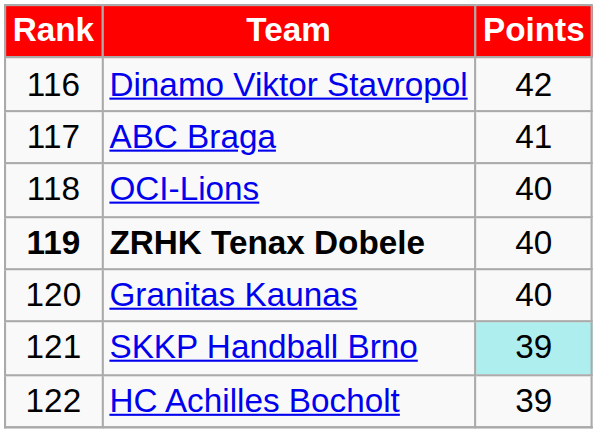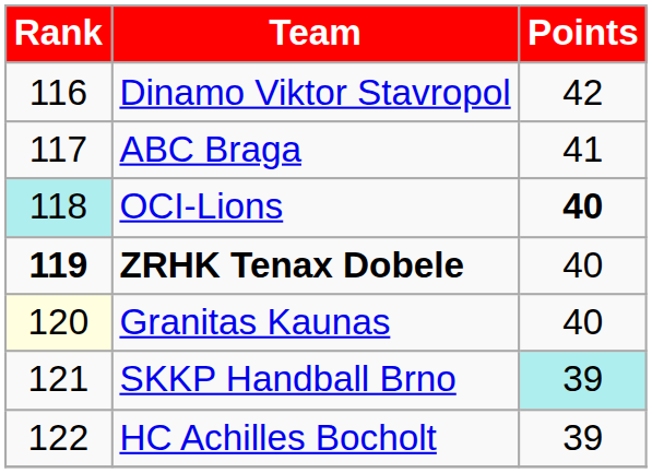 <table class="wikitable" style="text-align: center">
 <tr>
 <th style="color:#FFFFFF; background:#FF0000">Rank</th>
 <th style="color:#FFFFFF; background:#FF0000">Team</th>
 <th style="color:#FFFFFF; background:#FF0000">Points</th>
 </tr>
 <tr>
 <td>116</td>
 <td align=left> <a href='#'>Dinamo Viktor Stavropol</a></td>
 <td>42</td>
 </tr>
 <tr>
 <td>117</td>
 <td align=left> <a href='#'>ABC Braga</a></td>
 <td>41</td>
 </tr>
 <tr>
-<td>118</td>
+<td style="background: paleturquoise;">118</td>
 <td align=left> <a href='#'>OCI-Lions</a></td>
-<td>40</td>
+<td><strong>40</strong></td>
 </tr>
 <tr>
 <td><strong>119</strong></td>
 <td align=left> <strong>ZRHK Tenax Dobele</strong></td>
 <td>40</td>
 </tr>
 <tr>
-<td>120</td>
+<td style="background: lightyellow;">120</td>
 <td align=left> <a href='#'>Granitas Kaunas</a></td>
 <td>40</td>
 </tr>
 <tr>
 <td>121</td>
 <td align=left> <a href='#'>SKKP Handball Brno</a></td>
 <td style="background: paleturquoise;">39</td>
 </tr>
 <tr>
 <td>122</td>
 <td align=left> <a href='#'>HC Achilles Bocholt</a></td>
 <td>39</td>
 </tr>
 <tr>
 </tr>
 </table>
